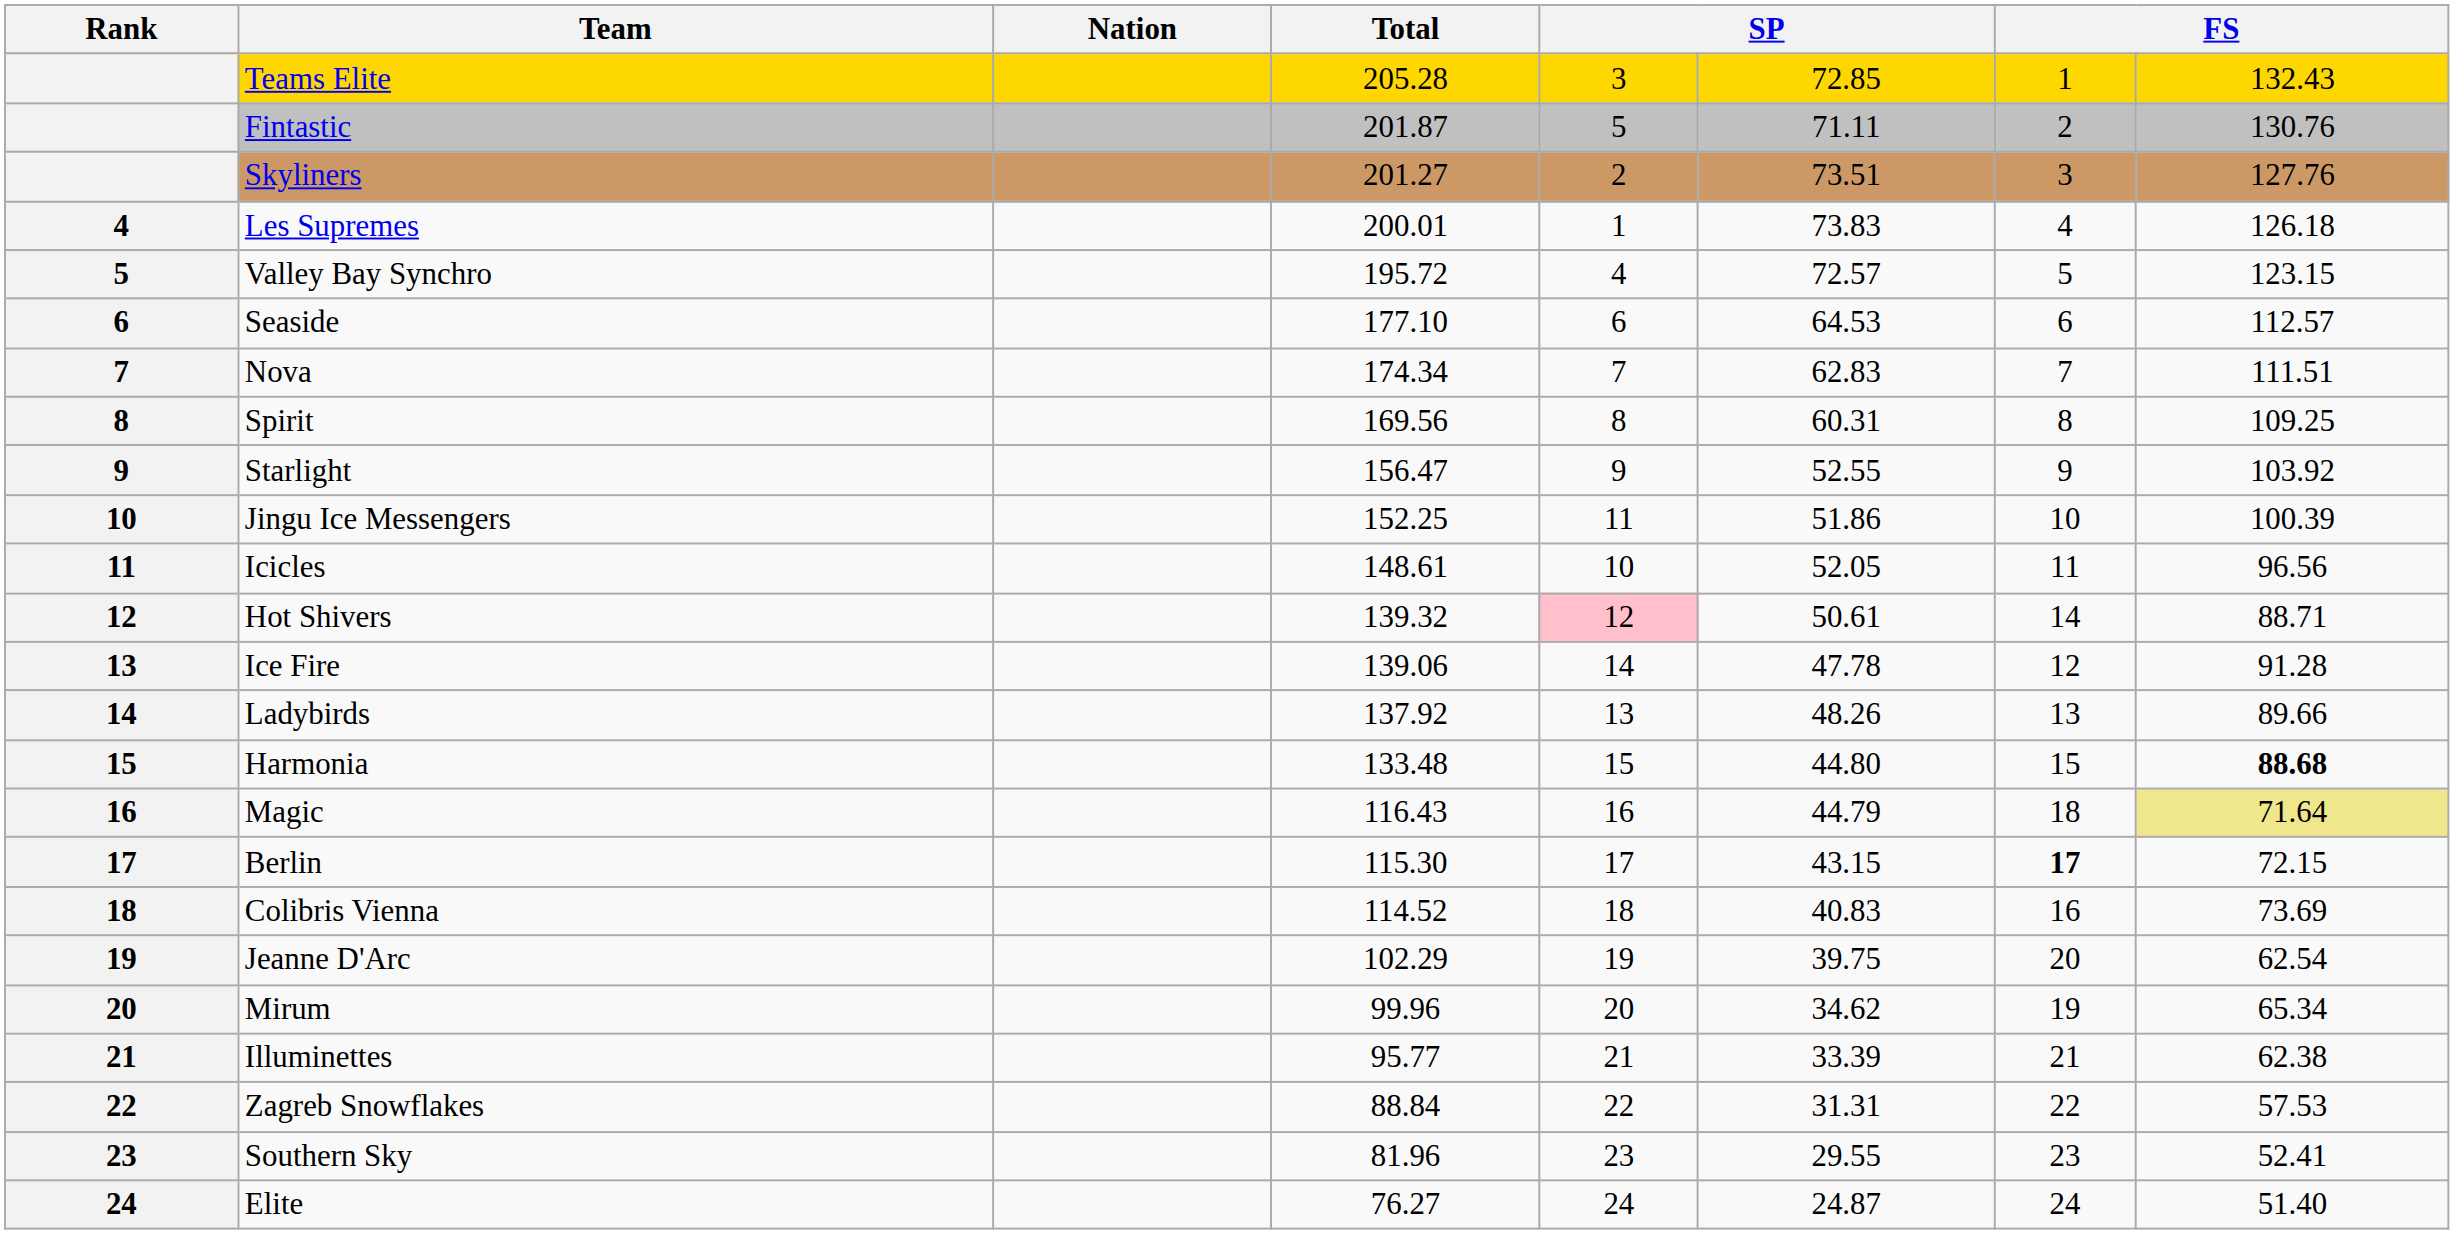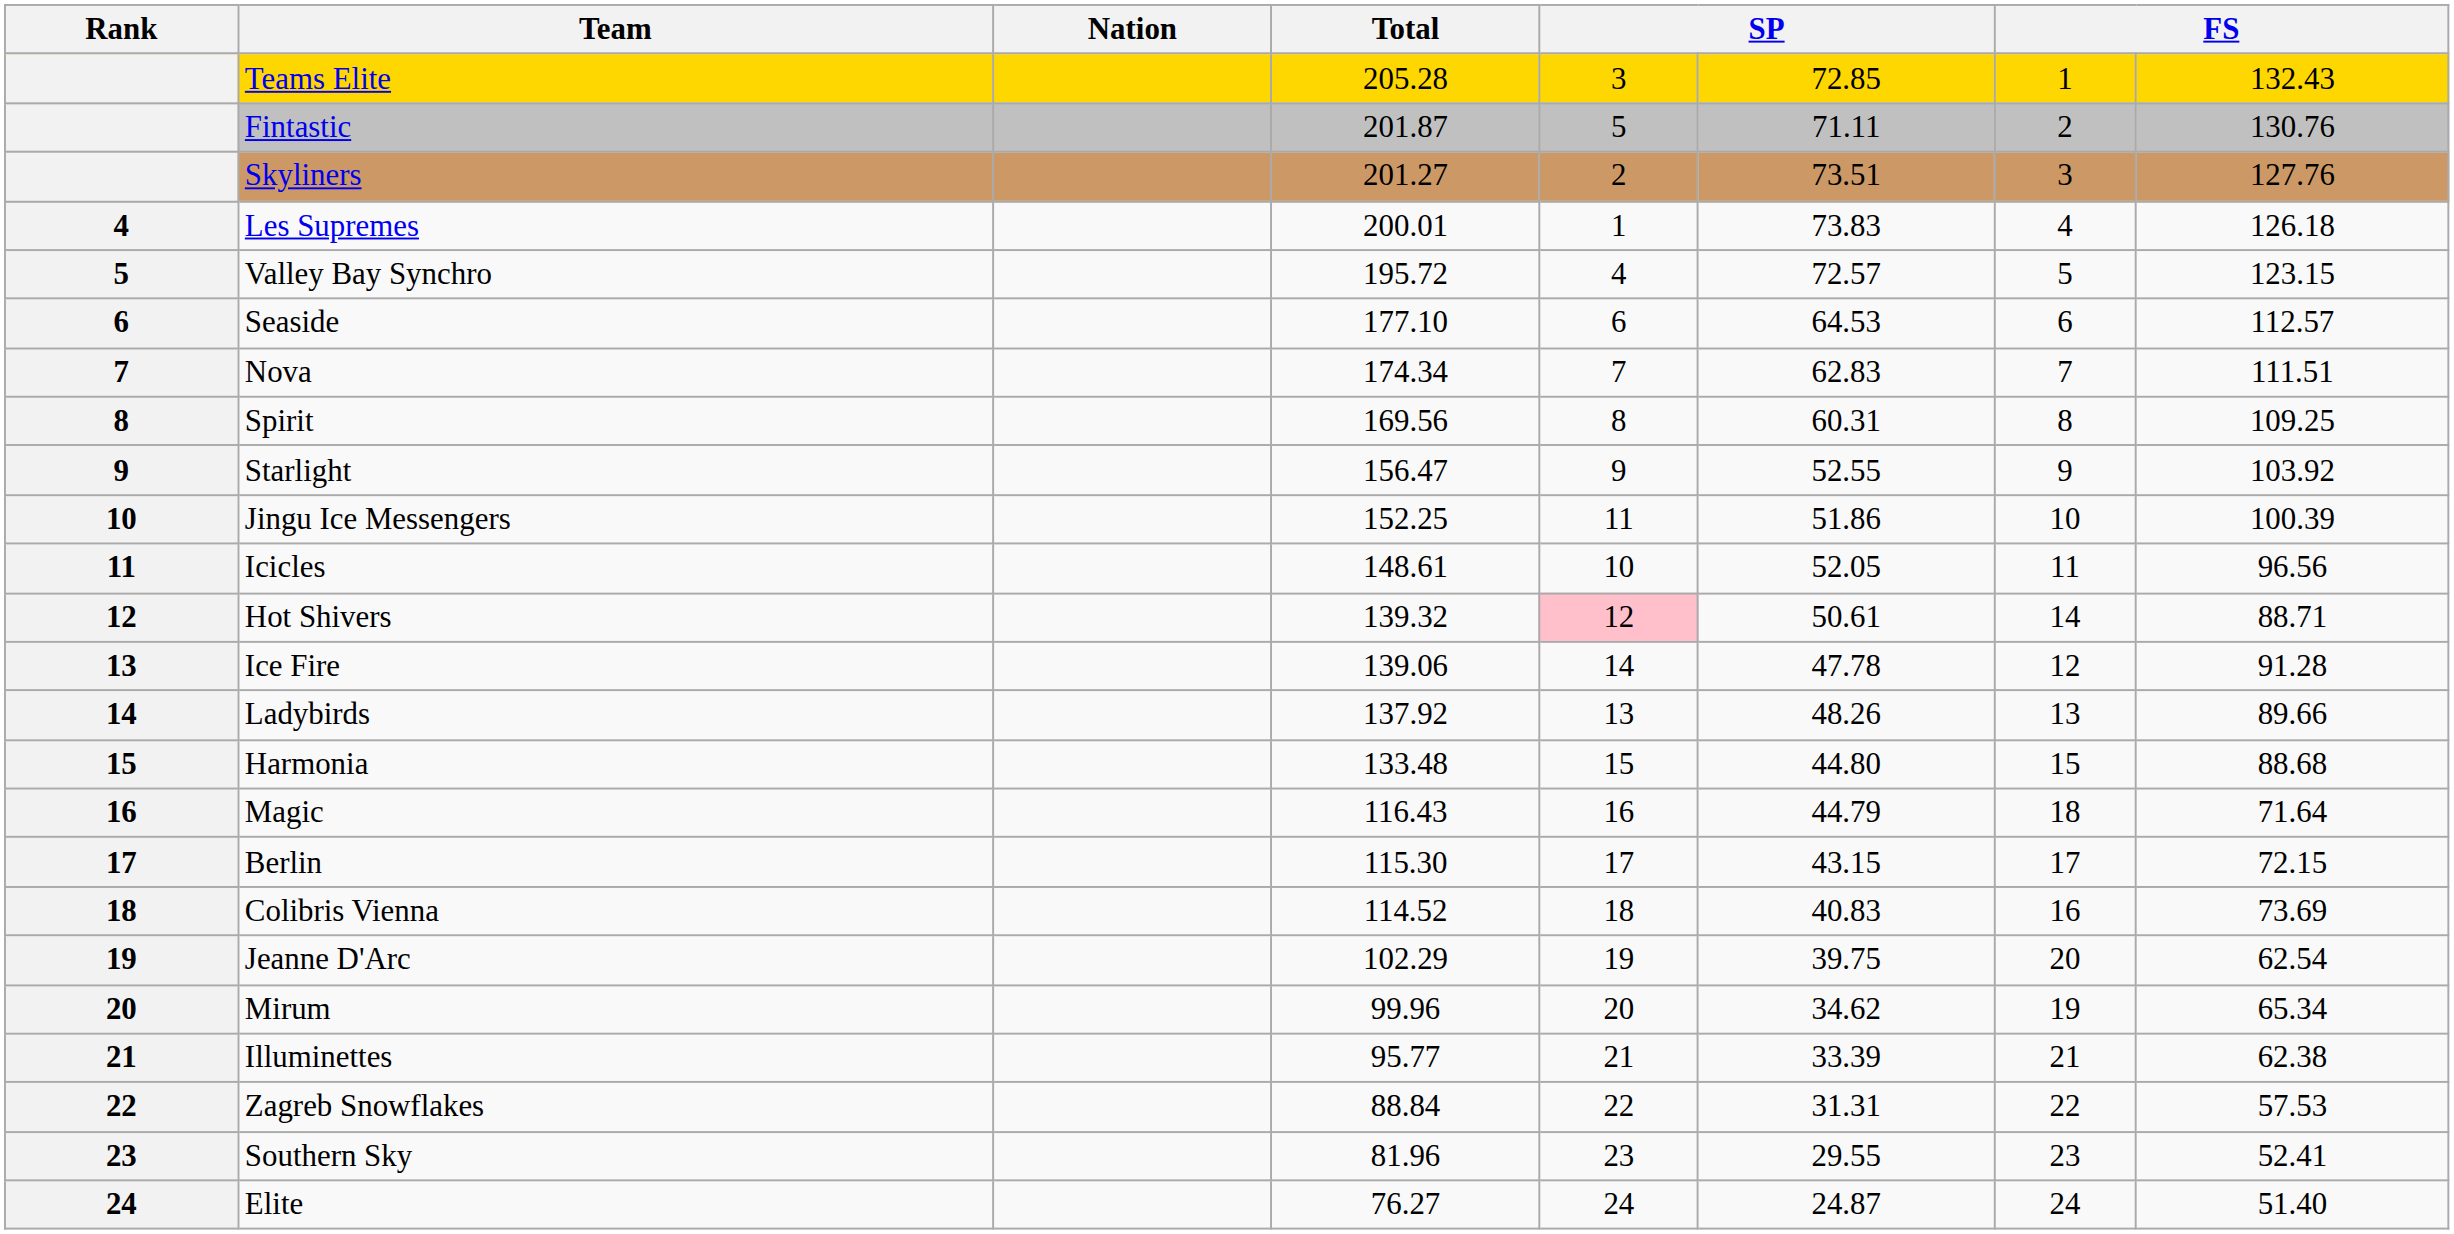 <table class="wikitable sortable" style="text-align:center; width:80%">
 <tr>
 <th scope="col">Rank</th>
 <th scope="col">Team</th>
 <th scope="col">Nation</th>
 <th scope="col">Total</th>
 <th scope="col" colspan="2" width="80px"><a href='#'>SP</a></th>
 <th scope="col" colspan="2" width="80px"><a href='#'>FS</a></th>
 </tr>
 <tr bgcolor="gold">
 <th scope="row"></th>
 <td align="left"><a href='#'>Teams Elite</a></td>
 <td align="left"></td>
 <td>205.28</td>
 <td>3</td>
 <td>72.85</td>
 <td>1</td>
 <td>132.43</td>
 </tr>
 <tr bgcolor="silver">
 <th scope="row"></th>
 <td align="left"><a href='#'>Fintastic</a></td>
 <td align="left"></td>
 <td>201.87</td>
 <td>5</td>
 <td>71.11</td>
 <td>2</td>
 <td>130.76</td>
 </tr>
 <tr bgcolor="cc9966">
 <th scope="row"></th>
 <td align="left"><a href='#'>Skyliners</a></td>
 <td align="left"></td>
 <td>201.27</td>
 <td>2</td>
 <td>73.51</td>
 <td>3</td>
 <td>127.76</td>
 </tr>
 <tr>
 <th scope="row">4</th>
 <td align="left"><a href='#'>Les Supremes</a></td>
 <td align="left"></td>
 <td>200.01</td>
 <td>1</td>
 <td>73.83</td>
 <td>4</td>
 <td>126.18</td>
 </tr>
 <tr>
 <th scope="row">5</th>
 <td align="left">Valley Bay Synchro</td>
 <td align="left"></td>
 <td>195.72</td>
 <td>4</td>
 <td>72.57</td>
 <td>5</td>
 <td>123.15</td>
 </tr>
 <tr>
 <th scope="row">6</th>
 <td align="left">Seaside</td>
 <td align="left"></td>
 <td>177.10</td>
 <td>6</td>
 <td>64.53</td>
 <td>6</td>
 <td>112.57</td>
 </tr>
 <tr>
 <th scope="row">7</th>
 <td align="left">Nova</td>
 <td align="left"></td>
 <td>174.34</td>
 <td>7</td>
 <td>62.83</td>
 <td>7</td>
 <td>111.51</td>
 </tr>
 <tr>
 <th scope="row">8</th>
 <td align="left">Spirit</td>
 <td align="left"></td>
 <td>169.56</td>
 <td>8</td>
 <td>60.31</td>
 <td>8</td>
 <td>109.25</td>
 </tr>
 <tr>
 <th scope="row">9</th>
 <td align="left">Starlight</td>
 <td align="left"></td>
 <td>156.47</td>
 <td>9</td>
 <td>52.55</td>
 <td>9</td>
 <td>103.92</td>
 </tr>
 <tr>
 <th scope="row">10</th>
 <td align="left">Jingu Ice Messengers</td>
 <td align="left"></td>
 <td>152.25</td>
 <td>11</td>
 <td>51.86</td>
 <td>10</td>
 <td>100.39</td>
 </tr>
 <tr>
 <th scope="row">11</th>
 <td align="left">Icicles</td>
 <td align="left"></td>
 <td>148.61</td>
 <td>10</td>
 <td>52.05</td>
 <td>11</td>
 <td>96.56</td>
 </tr>
 <tr>
 <th scope="row">12</th>
 <td align="left">Hot Shivers</td>
 <td align="left"></td>
 <td>139.32</td>
 <td style="background: pink;">12</td>
 <td>50.61</td>
 <td>14</td>
 <td>88.71</td>
 </tr>
 <tr>
 <th scope="row">13</th>
 <td align="left">Ice Fire</td>
 <td align="left"></td>
 <td>139.06</td>
 <td>14</td>
 <td>47.78</td>
 <td>12</td>
 <td>91.28</td>
 </tr>
 <tr>
 <th scope="row">14</th>
 <td align="left">Ladybirds</td>
 <td align="left"></td>
 <td>137.92</td>
 <td>13</td>
 <td>48.26</td>
 <td>13</td>
 <td>89.66</td>
 </tr>
 <tr>
 <th scope="row">15</th>
 <td align="left">Harmonia</td>
 <td align="left"></td>
 <td>133.48</td>
 <td>15</td>
 <td>44.80</td>
 <td>15</td>
-<td><strong>88.68</strong></td>
+<td>88.68</td>
 </tr>
 <tr>
 <th scope="row">16</th>
 <td align="left">Magic</td>
 <td align="left"></td>
 <td>116.43</td>
 <td>16</td>
 <td>44.79</td>
 <td>18</td>
-<td style="background: khaki;">71.64</td>
+<td>71.64</td>
 </tr>
 <tr>
 <th scope="row">17</th>
 <td align="left">Berlin</td>
 <td align="left"></td>
 <td>115.30</td>
 <td>17</td>
 <td>43.15</td>
-<td><strong>17</strong></td>
+<td>17</td>
 <td>72.15</td>
 </tr>
 <tr>
 <th scope="row">18</th>
 <td align="left">Colibris Vienna</td>
 <td align="left"></td>
 <td>114.52</td>
 <td>18</td>
 <td>40.83</td>
 <td>16</td>
 <td>73.69</td>
 </tr>
 <tr>
 <th scope="row">19</th>
 <td align="left">Jeanne D'Arc</td>
 <td align="left"></td>
 <td>102.29</td>
 <td>19</td>
 <td>39.75</td>
 <td>20</td>
 <td>62.54</td>
 </tr>
 <tr>
 <th scope="row">20</th>
 <td align="left">Mirum</td>
 <td align="left"></td>
 <td>99.96</td>
 <td>20</td>
 <td>34.62</td>
 <td>19</td>
 <td>65.34</td>
 </tr>
 <tr>
 <th scope="row">21</th>
 <td align="left">Illuminettes</td>
 <td align="left"></td>
 <td>95.77</td>
 <td>21</td>
 <td>33.39</td>
 <td>21</td>
 <td>62.38</td>
 </tr>
 <tr>
 <th scope="row">22</th>
 <td align="left">Zagreb Snowflakes</td>
 <td align="left"></td>
 <td>88.84</td>
 <td>22</td>
 <td>31.31</td>
 <td>22</td>
 <td>57.53</td>
 </tr>
 <tr>
 <th scope="row">23</th>
 <td align="left">Southern Sky</td>
 <td align="left"></td>
 <td>81.96</td>
 <td>23</td>
 <td>29.55</td>
 <td>23</td>
 <td>52.41</td>
 </tr>
 <tr>
 <th scope="row">24</th>
 <td align="left">Elite</td>
 <td align="left"></td>
 <td>76.27</td>
 <td>24</td>
 <td>24.87</td>
 <td>24</td>
 <td>51.40</td>
 </tr>
 </table>
